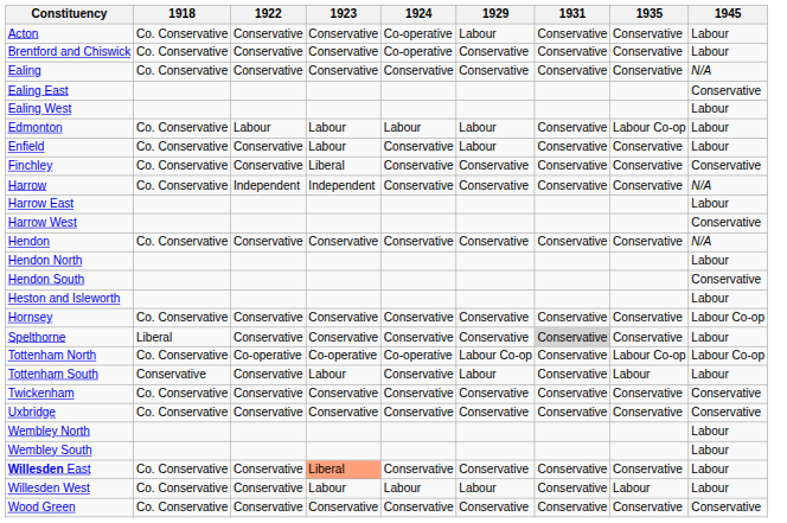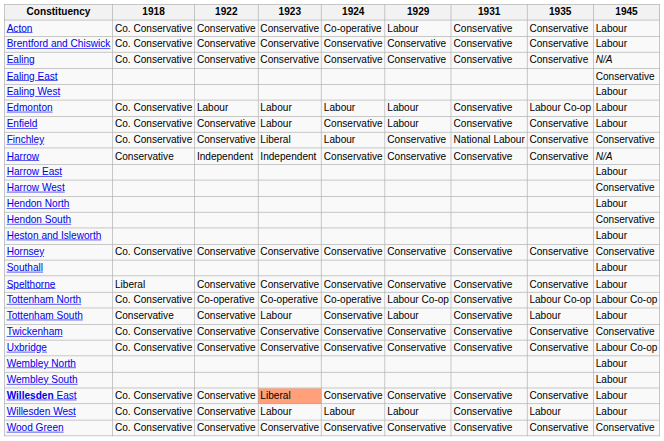 <table class="wikitable sortable">
 <tr>
 <th>Constituency</th>
 <th>1918</th>
 <th>1922</th>
 <th>1923</th>
 <th>1924</th>
 <th>1929</th>
 <th>1931</th>
 <th>1935</th>
 <th>1945</th>
 </tr>
 <tr>
 <td><a href='#'>Acton</a></td>
 <td bgcolor=>Co. Conservative</td>
 <td bgcolor=>Conservative</td>
 <td bgcolor=>Conservative</td>
 <td>Co-operative</td>
 <td bgcolor=>Labour</td>
 <td bgcolor=>Conservative</td>
 <td bgcolor=>Conservative</td>
 <td bgcolor=>Labour</td>
 </tr>
 <tr>
 <td><a href='#'>Brentford and Chiswick</a></td>
 <td bgcolor=>Co. Conservative</td>
 <td bgcolor=>Conservative</td>
 <td bgcolor=>Conservative</td>
-<td>Co-operative</td>
+<td bgcolor=>Conservative</td>
 <td bgcolor=>Conservative</td>
 <td bgcolor=>Conservative</td>
 <td bgcolor=>Conservative</td>
 <td bgcolor=>Labour</td>
 </tr>
 <tr>
 <td><a href='#'>Ealing</a></td>
 <td bgcolor=>Co. Conservative</td>
 <td bgcolor=>Conservative</td>
 <td bgcolor=>Conservative</td>
 <td bgcolor=>Conservative</td>
 <td bgcolor=>Conservative</td>
 <td bgcolor=>Conservative</td>
 <td bgcolor=>Conservative</td>
 <td><em>N/A</em></td>
 </tr>
 <tr>
 <td><a href='#'>Ealing East</a></td>
 <td></td>
 <td></td>
 <td></td>
 <td></td>
 <td></td>
 <td></td>
 <td></td>
 <td bgcolor=>Conservative</td>
 </tr>
 <tr>
 <td><a href='#'>Ealing West</a></td>
 <td></td>
 <td></td>
 <td></td>
 <td></td>
 <td></td>
 <td></td>
 <td></td>
 <td bgcolor=>Labour</td>
 </tr>
 <tr>
 <td><a href='#'>Edmonton</a></td>
 <td>Co. Conservative</td>
 <td>Labour</td>
 <td>Labour</td>
 <td>Labour</td>
 <td>Labour</td>
 <td>Conservative</td>
 <td>Labour Co-op</td>
 <td bgcolor=>Labour</td>
 </tr>
 <tr>
 <td><a href='#'>Enfield</a></td>
 <td>Co. Conservative</td>
 <td>Conservative</td>
 <td>Labour</td>
 <td>Conservative</td>
 <td>Labour</td>
 <td>Conservative</td>
 <td>Conservative</td>
 <td bgcolor=>Labour</td>
 </tr>
 <tr>
 <td><a href='#'>Finchley</a></td>
 <td>Co. Conservative</td>
 <td>Conservative</td>
 <td>Liberal</td>
+<td>Labour</td>
 <td>Conservative</td>
-<td>Conservative</td>
-<td>Conservative</td>
+<td>National Labour</td>
 <td>Conservative</td>
 <td bgcolor=>Conservative</td>
 </tr>
 <tr>
 <td><a href='#'>Harrow</a></td>
-<td>Co. Conservative</td>
+<td>Conservative</td>
 <td>Independent</td>
 <td>Independent</td>
 <td>Conservative</td>
 <td>Conservative</td>
 <td>Conservative</td>
 <td>Conservative</td>
 <td><em>N/A</em></td>
 </tr>
 <tr>
 <td><a href='#'>Harrow East</a></td>
 <td></td>
 <td></td>
 <td></td>
 <td></td>
 <td></td>
 <td></td>
 <td></td>
 <td bgcolor=>Labour</td>
 </tr>
 <tr>
 <td><a href='#'>Harrow West</a></td>
 <td></td>
 <td></td>
 <td></td>
 <td></td>
 <td></td>
 <td></td>
 <td></td>
 <td bgcolor=>Conservative</td>
-</tr>
-<tr>
-<td><a href='#'>Hendon</a></td>
-<td>Co. Conservative</td>
-<td>Conservative</td>
-<td>Conservative</td>
-<td>Conservative</td>
-<td>Conservative</td>
-<td>Conservative</td>
-<td>Conservative</td>
-<td><em>N/A</em></td>
 </tr>
 <tr>
 <td><a href='#'>Hendon North</a></td>
 <td></td>
 <td></td>
 <td></td>
 <td></td>
 <td></td>
 <td></td>
 <td></td>
 <td bgcolor=>Labour</td>
 </tr>
 <tr>
 <td><a href='#'>Hendon South</a></td>
 <td></td>
 <td></td>
 <td></td>
 <td></td>
 <td></td>
 <td></td>
 <td></td>
 <td bgcolor=>Conservative</td>
 </tr>
 <tr>
 <td><a href='#'>Heston and Isleworth</a></td>
 <td></td>
 <td></td>
 <td></td>
 <td></td>
 <td></td>
 <td></td>
 <td></td>
 <td bgcolor=>Labour</td>
 </tr>
 <tr>
 <td><a href='#'>Hornsey</a></td>
 <td>Co. Conservative</td>
 <td>Conservative</td>
 <td>Conservative</td>
 <td>Conservative</td>
 <td>Conservative</td>
 <td>Conservative</td>
 <td>Conservative</td>
-<td bgcolor=>Labour Co-op</td>
+<td bgcolor=>Conservative</td>
+</tr>
+<tr>
+<td><a href='#'>Southall</a></td>
+<td></td>
+<td></td>
+<td></td>
+<td></td>
+<td></td>
+<td></td>
+<td></td>
+<td bgcolor=>Labour</td>
 </tr>
 <tr>
 <td><a href='#'>Spelthorne</a></td>
 <td>Liberal</td>
 <td>Conservative</td>
 <td>Conservative</td>
 <td>Conservative</td>
 <td>Conservative</td>
-<td style="background: lightgrey;">Conservative</td>
+<td>Conservative</td>
 <td>Conservative</td>
 <td bgcolor=>Labour</td>
 </tr>
 <tr>
 <td><a href='#'>Tottenham North</a></td>
 <td>Co. Conservative</td>
 <td>Co-operative</td>
 <td>Co-operative</td>
 <td>Co-operative</td>
 <td>Labour Co-op</td>
 <td>Conservative</td>
 <td>Labour Co-op</td>
 <td bgcolor=>Labour Co-op</td>
 </tr>
 <tr>
 <td><a href='#'>Tottenham South</a></td>
 <td>Conservative</td>
 <td>Conservative</td>
 <td>Labour</td>
 <td>Conservative</td>
 <td>Labour</td>
 <td>Conservative</td>
 <td>Labour</td>
 <td bgcolor=>Labour</td>
 </tr>
 <tr>
 <td><a href='#'>Twickenham</a></td>
 <td>Co. Conservative</td>
 <td>Conservative</td>
 <td>Conservative</td>
 <td>Conservative</td>
 <td>Conservative</td>
 <td>Conservative</td>
 <td>Conservative</td>
 <td bgcolor=>Conservative</td>
 </tr>
 <tr>
 <td><a href='#'>Uxbridge</a></td>
 <td>Co. Conservative</td>
 <td>Conservative</td>
 <td>Conservative</td>
 <td>Conservative</td>
 <td>Conservative</td>
 <td>Conservative</td>
 <td>Conservative</td>
-<td bgcolor=>Conservative</td>
+<td bgcolor=>Labour Co-op</td>
 </tr>
 <tr>
 <td><a href='#'>Wembley North</a></td>
 <td></td>
 <td></td>
 <td></td>
 <td></td>
 <td></td>
 <td></td>
 <td></td>
 <td bgcolor=>Labour</td>
 </tr>
 <tr>
 <td><a href='#'>Wembley South</a></td>
 <td></td>
 <td></td>
 <td></td>
 <td></td>
 <td></td>
 <td></td>
 <td></td>
 <td bgcolor=>Labour</td>
 </tr>
 <tr>
 <td><a href='#'><strong>Willesden</strong> East</a></td>
 <td>Co. Conservative</td>
 <td>Conservative</td>
 <td style="background: lightsalmon;">Liberal</td>
 <td>Conservative</td>
 <td>Conservative</td>
 <td>Conservative</td>
 <td>Conservative</td>
 <td bgcolor=>Labour</td>
 </tr>
 <tr>
 <td><a href='#'>Willesden West</a></td>
 <td>Co. Conservative</td>
 <td>Conservative</td>
 <td>Labour</td>
 <td>Labour</td>
 <td>Labour</td>
 <td>Conservative</td>
 <td>Labour</td>
 <td bgcolor=>Labour</td>
 </tr>
 <tr>
 <td><a href='#'>Wood Green</a></td>
 <td>Co. Conservative</td>
 <td>Conservative</td>
 <td>Conservative</td>
 <td>Conservative</td>
 <td>Conservative</td>
 <td>Conservative</td>
 <td>Conservative</td>
 <td bgcolor=>Conservative</td>
 </tr>
 </table>
